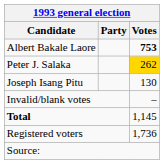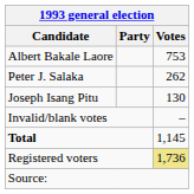 <table class="wikitable" style="text-align:left">
 <tr>
 <th colspan="3"><a href='#'>1993 general election</a></th>
 </tr>
 <tr>
 <th>Candidate</th>
 <th>Party</th>
 <th>Votes</th>
 </tr>
 <tr>
 <td>Albert Bakale Laore</td>
 <td></td>
-<td align="right"><strong>753</strong></td>
+<td align="right">753</td>
 </tr>
 <tr>
 <td>Peter J. Salaka</td>
 <td></td>
-<td align="right" style="background: gold;">262</td>
+<td align="right">262</td>
 </tr>
 <tr>
 <td>Joseph Isang Pitu</td>
 <td></td>
 <td align="right">130</td>
 </tr>
 <tr>
 <td colspan="2">Invalid/blank votes</td>
 <td align="right">–</td>
 </tr>
 <tr>
 <td colspan="2"><strong>Total</strong></td>
 <td align="right">1,145</td>
 </tr>
 <tr>
 <td colspan="2">Registered voters</td>
-<td align="right">1,736</td>
+<td align="right" style="background: khaki;">1,736</td>
 </tr>
 <tr>
 <td colspan="3">Source: </td>
 </tr>
 </table>
